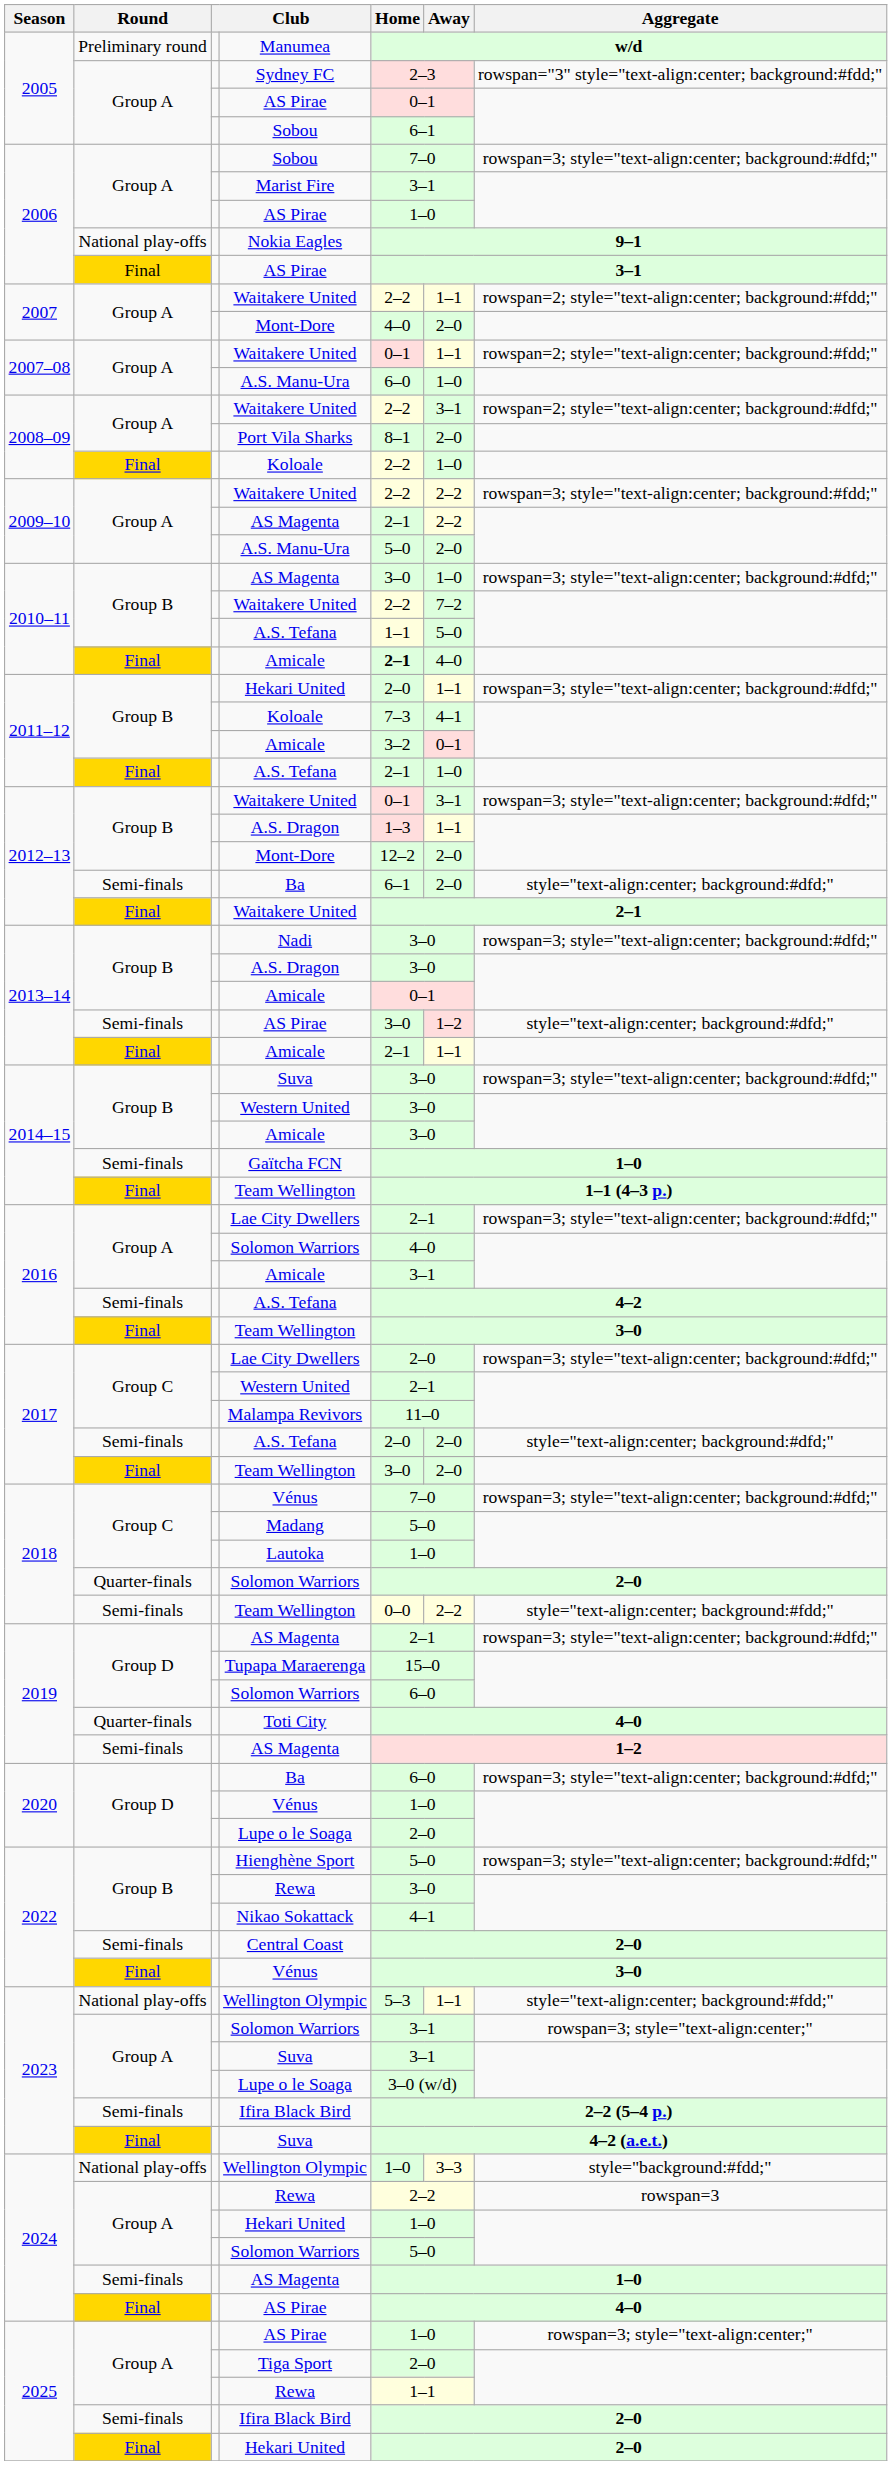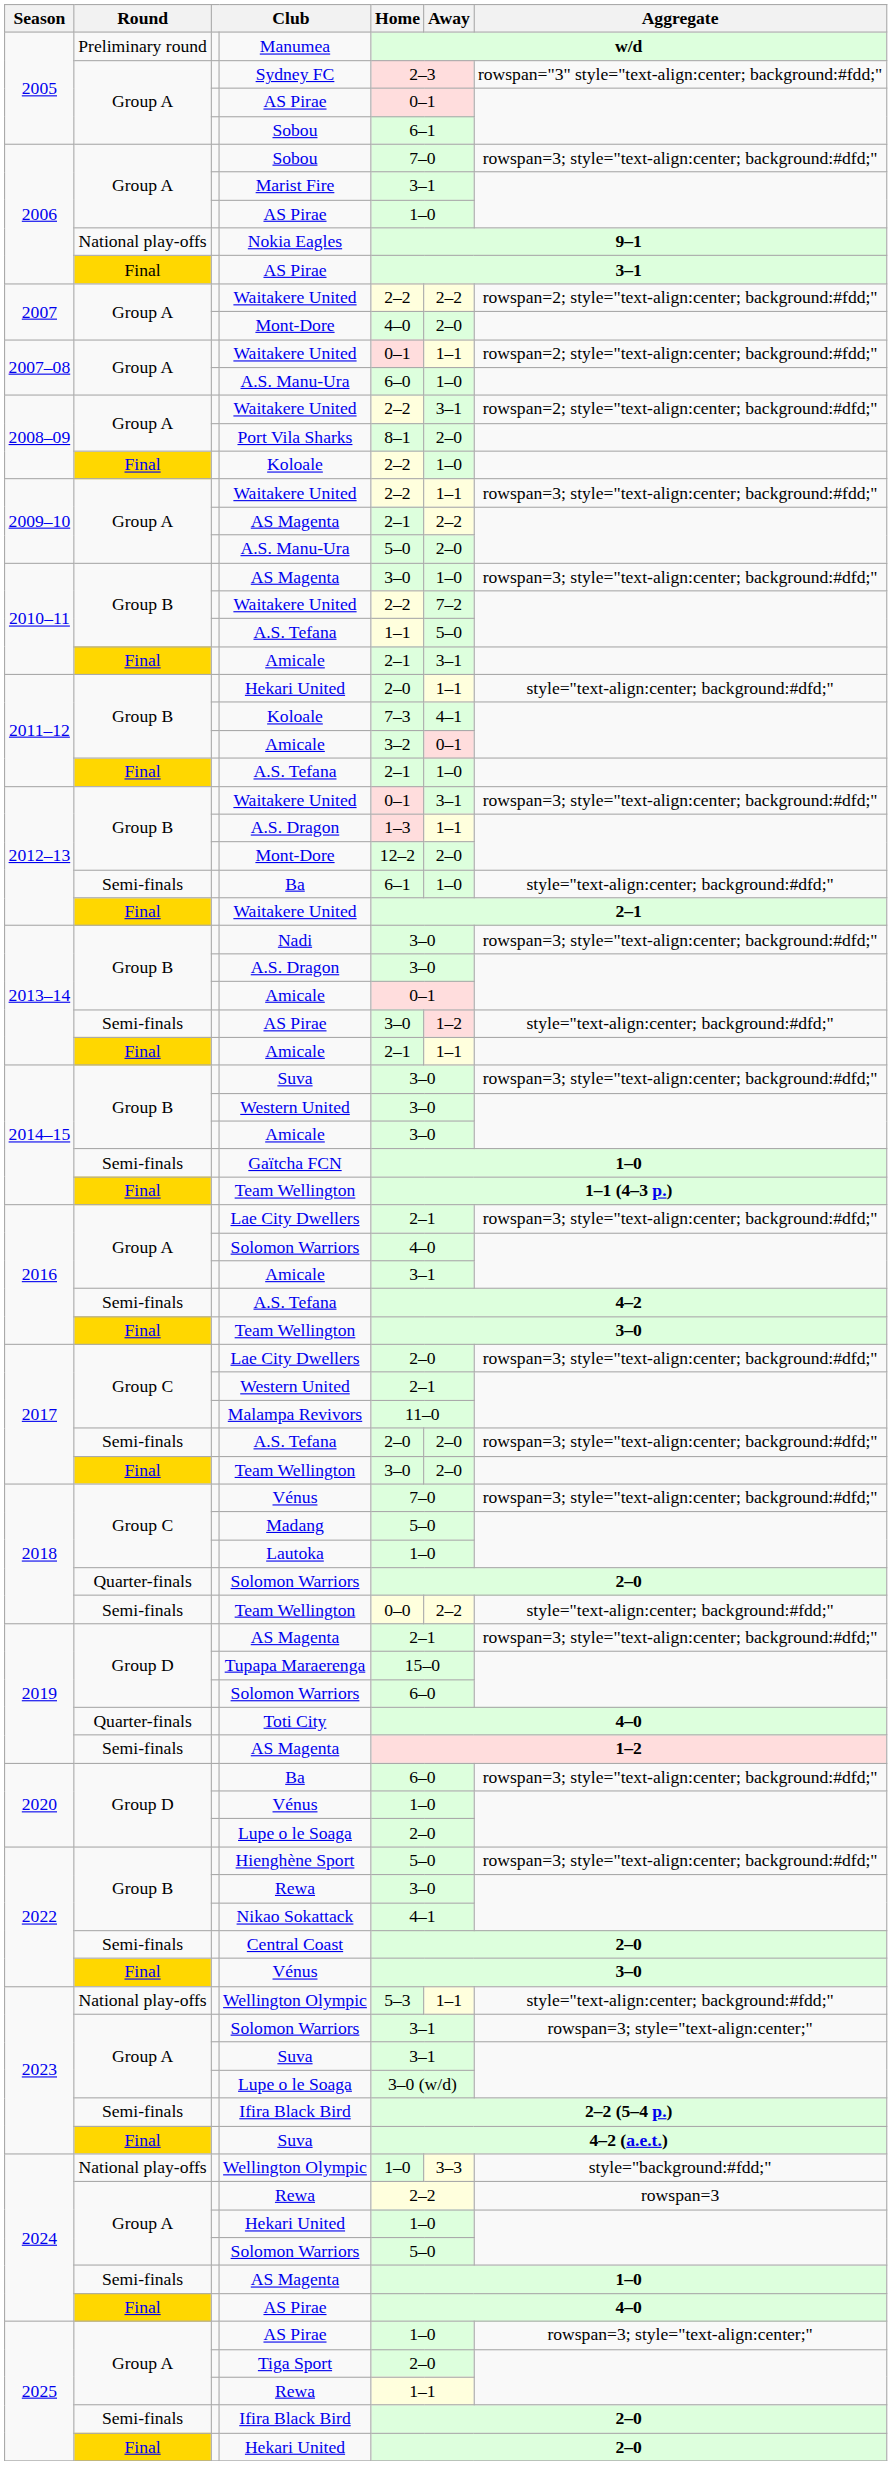 <table class="wikitable" style="text-align:center;">
 <tr>
 <th>Season</th>
 <th>Round</th>
 <th colspan=2>Club</th>
 <th>Home</th>
 <th>Away</th>
 <th>Aggregate</th>
 </tr>
 <tr>
 <td rowspan="4;"><a href='#'>2005</a></td>
 <td rowspan="1">Preliminary round</td>
 <td></td>
 <td><a href='#'>Manumea</a></td>
 <td colspan="3;" style="text-align:center; background:#dfd;"><strong>w/d</strong></td>
 </tr>
 <tr>
 <td rowspan="3">Group A</td>
 <td></td>
 <td><a href='#'>Sydney FC</a></td>
 <td colspan="2;" style="text-align:center; background:#fdd;">2–3</td>
 <td>rowspan="3" style="text-align:center; background:#fdd;" </td>
 </tr>
 <tr>
 <td></td>
 <td><a href='#'>AS Pirae</a></td>
 <td colspan="2;" style="text-align:center; background:#fdd;">0–1</td>
 </tr>
 <tr>
 <td></td>
 <td><a href='#'>Sobou</a></td>
 <td colspan="2;" style="text-align:center; background:#dfd;">6–1</td>
 </tr>
 <tr>
 <td rowspan="5"><a href='#'>2006</a></td>
 <td rowspan="3">Group A</td>
 <td></td>
 <td><a href='#'>Sobou</a></td>
 <td colspan="2;" style="text-align:center; background:#dfd;">7–0</td>
 <td>rowspan=3; style="text-align:center; background:#dfd;" </td>
 </tr>
 <tr>
 <td></td>
 <td><a href='#'>Marist Fire</a></td>
 <td colspan=2; style="text-align:center; background:#dfd;">3–1</td>
 </tr>
 <tr>
 <td></td>
 <td><a href='#'>AS Pirae</a></td>
 <td colspan=2; style="text-align:center; background:#dfd;">1–0</td>
 </tr>
 <tr>
 <td>National play-offs</td>
 <td></td>
 <td><a href='#'>Nokia Eagles</a></td>
 <td colspan=3; style="text-align:center; background:#dfd;"><strong>9–1</strong></td>
 </tr>
 <tr>
 <td style="background:gold">Final</td>
 <td></td>
 <td><a href='#'>AS Pirae</a></td>
 <td colspan=3 style="background:#dfd;"><strong>3–1</strong></td>
 </tr>
 <tr>
 <td rowspan="2;"><a href='#'>2007</a></td>
 <td rowspan="2">Group A</td>
 <td></td>
 <td><a href='#'>Waitakere United</a></td>
 <td style="text-align:center; background:#ffd;">2–2</td>
-<td style="text-align:center; background:#ffd;">1–1</td>
+<td style="text-align:center; background:#ffd;">2–2</td>
 <td>rowspan=2; style="text-align:center; background:#fdd;"  </td>
 </tr>
 <tr>
 <td></td>
 <td><a href='#'>Mont-Dore</a></td>
 <td style="text-align:center; background:#dfd;">4–0</td>
 <td style="text-align:center; background:#dfd;">2–0</td>
 </tr>
 <tr>
 <td rowspan="2"><a href='#'>2007–08</a></td>
 <td rowspan="2">Group A</td>
 <td></td>
 <td><a href='#'>Waitakere United</a></td>
 <td style="text-align:center; background:#fdd;">0–1</td>
 <td style="text-align:center; background:#ffd;">1–1</td>
 <td>rowspan=2; style="text-align:center; background:#fdd;" </td>
 </tr>
 <tr>
 <td></td>
 <td><a href='#'>A.S. Manu-Ura</a></td>
 <td style="text-align:center; background:#dfd;">6–0</td>
 <td style="text-align:center; background:#dfd;">1–0</td>
 </tr>
 <tr>
 <td rowspan="3"><a href='#'>2008–09</a></td>
 <td rowspan="2">Group A</td>
 <td></td>
 <td><a href='#'>Waitakere United</a></td>
 <td style="text-align:center; background:#ffd;">2–2</td>
 <td style="text-align:center; background:#dfd;">3–1</td>
 <td>rowspan=2; style="text-align:center; background:#dfd;" </td>
 </tr>
 <tr>
 <td></td>
 <td><a href='#'>Port Vila Sharks</a></td>
 <td style="text-align:center; background:#dfd;">8–1</td>
 <td style="text-align:center; background:#dfd;">2–0</td>
 </tr>
 <tr>
 <td style="background:gold"><a href='#'>Final</a></td>
 <td></td>
 <td><a href='#'>Koloale</a></td>
 <td style="text-align:center; background:#ffd;">2–2</td>
 <td style="text-align:center; background:#dfd;">1–0</td>
 <td></td>
 </tr>
 <tr>
 <td rowspan="3"><a href='#'>2009–10</a></td>
 <td rowspan="3">Group A</td>
 <td></td>
 <td><a href='#'>Waitakere United</a></td>
 <td style="text-align:center; background:#ffd;">2–2</td>
-<td style="text-align:center; background:#ffd;">2–2</td>
+<td style="text-align:center; background:#ffd;">1–1</td>
 <td>rowspan=3; style="text-align:center; background:#fdd;"  </td>
 </tr>
 <tr>
 <td></td>
 <td><a href='#'>AS Magenta</a></td>
 <td style="text-align:center; background:#dfd;">2–1</td>
 <td style="text-align:center; background:#ffd;">2–2</td>
 </tr>
 <tr>
 <td></td>
 <td><a href='#'>A.S. Manu-Ura</a></td>
 <td style="text-align:center; background:#dfd;">5–0</td>
 <td style="text-align:center; background:#dfd;">2–0</td>
 </tr>
 <tr>
 <td rowspan="4"><a href='#'>2010–11</a></td>
 <td rowspan="3">Group B</td>
 <td></td>
 <td><a href='#'>AS Magenta</a></td>
 <td style="text-align:center; background:#dfd;">3–0</td>
 <td style="text-align:center; background:#dfd;">1–0</td>
 <td>rowspan=3; style="text-align:center; background:#dfd;" </td>
 </tr>
 <tr>
 <td></td>
 <td><a href='#'>Waitakere United</a></td>
 <td style="text-align:center; background:#ffd;">2–2</td>
 <td style="text-align:center; background:#dfd;">7–2</td>
 </tr>
 <tr>
 <td></td>
 <td><a href='#'>A.S. Tefana</a></td>
 <td style="text-align:center; background:#ffd;">1–1</td>
 <td style="text-align:center; background:#dfd;">5–0</td>
 </tr>
 <tr>
 <td style="background:gold"><a href='#'>Final</a></td>
 <td></td>
 <td><a href='#'>Amicale</a></td>
-<td style="text-align:center; background:#dfd;"><strong>2–1</strong></td>
-<td style="text-align:center; background:#dfd;">4–0</td>
+<td style="text-align:center; background:#dfd;">2–1</td>
+<td style="text-align:center; background:#dfd;">3–1</td>
 <td></td>
 </tr>
 <tr>
 <td rowspan="4"><a href='#'>2011–12</a></td>
 <td rowspan="3">Group B</td>
 <td></td>
 <td><a href='#'>Hekari United</a></td>
 <td style="text-align:center; background:#dfd;">2–0</td>
 <td style="text-align:center; background:#ffd;">1–1</td>
-<td>rowspan=3; style="text-align:center; background:#dfd;" </td>
+<td>style="text-align:center; background:#dfd;" </td>
 </tr>
 <tr>
 <td></td>
 <td><a href='#'>Koloale</a></td>
 <td style="text-align:center; background:#dfd;">7–3</td>
 <td style="text-align:center; background:#dfd;">4–1</td>
 </tr>
 <tr>
 <td></td>
 <td><a href='#'>Amicale</a></td>
 <td style="text-align:center; background:#dfd;">3–2</td>
 <td style="text-align:center; background:#fdd;">0–1</td>
 </tr>
 <tr>
 <td style="background:gold"><a href='#'>Final</a></td>
 <td></td>
 <td><a href='#'>A.S. Tefana</a></td>
 <td style="text-align:center; background:#dfd;">2–1</td>
 <td style="text-align:center; background:#dfd;">1–0</td>
 <td></td>
 </tr>
 <tr>
 <td rowspan="5"><a href='#'>2012–13</a></td>
 <td rowspan="3">Group B</td>
 <td></td>
 <td><a href='#'>Waitakere United</a></td>
 <td style="text-align:center; background:#fdd;">0–1</td>
 <td style="text-align:center; background:#dfd;">3–1</td>
 <td>rowspan=3; style="text-align:center; background:#dfd;" </td>
 </tr>
 <tr>
 <td></td>
 <td><a href='#'>A.S. Dragon</a></td>
 <td style="text-align:center; background:#fdd;">1–3</td>
 <td style="text-align:center; background:#ffd;">1–1</td>
 </tr>
 <tr>
 <td></td>
 <td><a href='#'>Mont-Dore</a></td>
 <td style="text-align:center; background:#dfd;">12–2</td>
 <td style="text-align:center; background:#dfd;">2–0</td>
 </tr>
 <tr>
 <td rowspan="1">Semi-finals</td>
 <td></td>
 <td><a href='#'>Ba</a></td>
 <td style="text-align:center; background:#dfd;">6–1</td>
-<td style="text-align:center; background:#dfd;">2–0</td>
+<td style="text-align:center; background:#dfd;">1–0</td>
 <td>style="text-align:center; background:#dfd;" </td>
 </tr>
 <tr>
 <td style="background:gold"><a href='#'>Final</a></td>
 <td></td>
 <td><a href='#'>Waitakere United</a></td>
 <td colspan=3 style="background:#dfd;"><strong>2–1</strong></td>
 </tr>
 <tr>
 <td rowspan="5"><a href='#'>2013–14</a></td>
 <td rowspan="3">Group B</td>
 <td></td>
 <td><a href='#'>Nadi</a></td>
 <td colspan=2; style="text-align:center; background:#dfd;">3–0</td>
 <td>rowspan=3; style="text-align:center; background:#dfd;" </td>
 </tr>
 <tr>
 <td></td>
 <td><a href='#'>A.S. Dragon</a></td>
 <td colspan=2; style="text-align:center; background:#dfd;">3–0</td>
 </tr>
 <tr>
 <td></td>
 <td><a href='#'>Amicale</a></td>
 <td colspan=2; style="text-align:center; background:#fdd;">0–1</td>
 </tr>
 <tr>
 <td rowspan="1">Semi-finals</td>
 <td></td>
 <td><a href='#'>AS Pirae</a></td>
 <td style="text-align:center; background:#dfd;">3–0</td>
 <td style="text-align:center; background:#fdd;">1–2</td>
 <td>style="text-align:center; background:#dfd;" </td>
 </tr>
 <tr>
 <td style="background:gold"><a href='#'>Final</a></td>
 <td></td>
 <td><a href='#'>Amicale</a></td>
 <td style="text-align:center; background:#dfd;">2–1</td>
 <td style="text-align:center; background:#ffd;">1–1</td>
 <td></td>
 </tr>
 <tr>
 <td rowspan="5"><a href='#'>2014–15</a></td>
 <td rowspan="3">Group B</td>
 <td></td>
 <td><a href='#'>Suva</a></td>
 <td colspan=2; style="text-align:center; background:#dfd;">3–0</td>
 <td>rowspan=3; style="text-align:center; background:#dfd;" </td>
 </tr>
 <tr>
 <td></td>
 <td><a href='#'>Western United</a></td>
 <td colspan=2; style="text-align:center; background:#dfd;">3–0</td>
 </tr>
 <tr>
 <td></td>
 <td><a href='#'>Amicale</a></td>
 <td colspan=2; style="text-align:center; background:#dfd;">3–0</td>
 </tr>
 <tr>
 <td rowspan="1">Semi-finals</td>
 <td></td>
 <td><a href='#'>Gaïtcha FCN</a></td>
 <td colspan=3; style="text-align:center; background:#dfd;"><strong>1–0</strong></td>
 </tr>
 <tr>
 <td style="background:gold;"><a href='#'>Final</a></td>
 <td></td>
 <td><a href='#'>Team Wellington</a></td>
 <td colspan=3 style="background:#dfd;"><strong>1–1 (4–3 <a href='#'>p.</a>)</strong></td>
 </tr>
 <tr>
 <td rowspan="5"><a href='#'>2016</a></td>
 <td rowspan="3">Group A</td>
 <td></td>
 <td><a href='#'>Lae City Dwellers</a></td>
 <td colspan=2; style="text-align:center; background:#dfd;">2–1</td>
 <td>rowspan=3; style="text-align:center; background:#dfd;" </td>
 </tr>
 <tr>
 <td></td>
 <td><a href='#'>Solomon Warriors</a></td>
 <td colspan=2; style="text-align:center; background:#dfd;">4–0</td>
 </tr>
 <tr>
 <td></td>
 <td><a href='#'>Amicale</a></td>
 <td colspan=2; style="text-align:center; background:#dfd;">3–1</td>
 </tr>
 <tr>
 <td rowspan="1">Semi-finals</td>
 <td></td>
 <td><a href='#'>A.S. Tefana</a></td>
 <td colspan=3; style="text-align:center; background:#dfd;"><strong>4–2</strong></td>
 </tr>
 <tr>
 <td style="background:gold;"><a href='#'>Final</a></td>
 <td></td>
 <td><a href='#'>Team Wellington</a></td>
 <td colspan=3 style="background:#dfd;"><strong>3–0</strong></td>
 </tr>
 <tr>
 <td rowspan="5"><a href='#'>2017</a></td>
 <td rowspan="3">Group C</td>
 <td></td>
 <td><a href='#'>Lae City Dwellers</a></td>
 <td colspan=2; style="text-align:center; background:#dfd;">2–0</td>
 <td>rowspan=3; style="text-align:center; background:#dfd;" </td>
 </tr>
 <tr>
 <td></td>
 <td><a href='#'>Western United</a></td>
 <td colspan=2; style="text-align:center; background:#dfd;">2–1</td>
 </tr>
 <tr>
 <td></td>
 <td><a href='#'>Malampa Revivors</a></td>
 <td colspan=2; style="text-align:center; background:#dfd;">11–0</td>
 </tr>
 <tr>
 <td>Semi-finals</td>
 <td></td>
 <td><a href='#'>A.S. Tefana</a></td>
 <td style="text-align:center; background:#dfd;">2–0</td>
 <td style="text-align:center; background:#dfd;">2–0</td>
-<td>style="text-align:center; background:#dfd;" </td>
+<td>rowspan=3; style="text-align:center; background:#dfd;" </td>
 </tr>
 <tr>
 <td style="background:gold"><a href='#'>Final</a></td>
 <td></td>
 <td><a href='#'>Team Wellington</a></td>
 <td style="text-align:center; background:#dfd;">3–0</td>
 <td style="text-align:center; background:#dfd;">2–0</td>
 <td></td>
 </tr>
 <tr>
 <td rowspan="5"><a href='#'>2018</a></td>
 <td rowspan="3">Group C</td>
 <td></td>
 <td><a href='#'>Vénus</a></td>
 <td colspan=2; style="text-align:center; background:#dfd;">7–0</td>
 <td>rowspan=3; style="text-align:center; background:#dfd;" </td>
 </tr>
 <tr>
 <td></td>
 <td><a href='#'>Madang</a></td>
 <td colspan=2; style="text-align:center; background:#dfd;">5–0</td>
 </tr>
 <tr>
 <td></td>
 <td><a href='#'>Lautoka</a></td>
 <td colspan=2; style="text-align:center; background:#dfd;">1–0</td>
 </tr>
 <tr>
 <td rowspan="1">Quarter-finals</td>
 <td></td>
 <td><a href='#'>Solomon Warriors</a></td>
 <td colspan=3; style="text-align:center; background:#dfd;"><strong>2–0</strong></td>
 </tr>
 <tr>
 <td rowspan="1">Semi-finals</td>
 <td></td>
 <td><a href='#'>Team Wellington</a></td>
 <td style="text-align:center; background:#ffd;">0–0</td>
 <td style="text-align:center; background:#ffd;">2–2</td>
 <td>style="text-align:center; background:#fdd;" </td>
 </tr>
 <tr>
 <td rowspan="5"><a href='#'>2019</a></td>
 <td rowspan="3">Group D</td>
 <td></td>
 <td><a href='#'>AS Magenta</a></td>
 <td colspan=2; style="text-align:center; background:#dfd;">2–1</td>
 <td>rowspan=3; style="text-align:center; background:#dfd;" </td>
 </tr>
 <tr>
 <td></td>
 <td><a href='#'>Tupapa Maraerenga</a></td>
 <td colspan=2; style="text-align:center; background:#dfd;">15–0</td>
 </tr>
 <tr>
 <td></td>
 <td><a href='#'>Solomon Warriors</a></td>
 <td colspan=2; style="text-align:center; background:#dfd;">6–0</td>
 </tr>
 <tr>
 <td rowspan="1">Quarter-finals</td>
 <td></td>
 <td><a href='#'>Toti City</a></td>
 <td colspan=3; style="text-align:center; background:#dfd;"><strong>4–0</strong></td>
 </tr>
 <tr>
 <td rowspan="1">Semi-finals</td>
 <td></td>
 <td><a href='#'>AS Magenta</a></td>
 <td colspan=3; style="text-align:center; background:#fdd;"><strong>1–2</strong></td>
 </tr>
 <tr>
 <td rowspan="3"><a href='#'>2020</a></td>
 <td rowspan="3">Group D</td>
 <td></td>
 <td><a href='#'>Ba</a></td>
 <td colspan=2; style="text-align:center; background:#dfd;">6–0</td>
 <td>rowspan=3; style="text-align:center; background:#dfd;" </td>
 </tr>
 <tr>
 <td></td>
 <td><a href='#'>Vénus</a></td>
 <td colspan=2; style="text-align:center; background:#dfd;">1–0</td>
 </tr>
 <tr>
 <td></td>
 <td><a href='#'>Lupe o le Soaga</a></td>
 <td colspan=2; style="text-align:center; background:#dfd;">2–0</td>
 </tr>
 <tr>
 <td rowspan="5"><a href='#'>2022</a></td>
 <td rowspan="3">Group B</td>
 <td></td>
 <td><a href='#'>Hienghène Sport</a></td>
 <td colspan=2; style="text-align:center; background:#dfd;">5–0</td>
 <td>rowspan=3; style="text-align:center; background:#dfd;" </td>
 </tr>
 <tr>
 <td></td>
 <td><a href='#'>Rewa</a></td>
 <td colspan=2; style="text-align:center; background:#dfd;">3–0</td>
 </tr>
 <tr>
 <td></td>
 <td><a href='#'>Nikao Sokattack</a></td>
 <td colspan=2; style="text-align:center; background:#dfd;">4–1</td>
 </tr>
 <tr>
 <td>Semi-finals</td>
 <td></td>
 <td><a href='#'>Central Coast</a></td>
 <td colspan=3; style="text-align:center; background:#dfd;"><strong>2–0</strong></td>
 </tr>
 <tr>
 <td style="background:gold;"><a href='#'>Final</a></td>
 <td></td>
 <td><a href='#'>Vénus</a></td>
 <td colspan=3 style="background:#dfd;"><strong>3–0</strong></td>
 </tr>
 <tr>
 <td rowspan="6"><a href='#'>2023</a></td>
 <td>National play-offs</td>
 <td></td>
 <td><a href='#'>Wellington Olympic</a></td>
 <td style="text-align:center; background:#dfd;">5–3</td>
 <td style="text-align:center; background:#ffd;">1–1</td>
 <td>style="text-align:center; background:#fdd;" </td>
 </tr>
 <tr>
 <td rowspan="3">Group A</td>
 <td></td>
 <td><a href='#'>Solomon Warriors</a></td>
 <td colspan=2; style="text-align:center; background:#dfd;">3–1</td>
 <td>rowspan=3; style="text-align:center;" </td>
 </tr>
 <tr>
 <td></td>
 <td><a href='#'>Suva</a></td>
 <td colspan=2; style="text-align:center; background:#dfd;">3–1</td>
 </tr>
 <tr>
 <td></td>
 <td><a href='#'>Lupe o le Soaga</a></td>
 <td colspan=2; style="text-align:center; background:#dfd;">3–0 (w/d)</td>
 </tr>
 <tr>
 <td>Semi-finals</td>
 <td></td>
 <td><a href='#'>Ifira Black Bird</a></td>
 <td colspan=3; style="background:#dfd;"><strong>2–2 (5–4 <a href='#'>p.</a>)</strong></td>
 </tr>
 <tr>
 <td style="background:gold;"><a href='#'>Final</a></td>
 <td></td>
 <td><a href='#'>Suva</a></td>
 <td colspan=3 style="background:#dfd;"><strong>4–2 (<a href='#'>a.e.t.</a>)</strong></td>
 </tr>
 <tr>
 <td rowspan="6"><a href='#'>2024</a></td>
 <td>National play-offs</td>
 <td></td>
 <td><a href='#'>Wellington Olympic</a></td>
 <td style="background:#dfd;">1–0</td>
 <td style="background:#ffd;">3–3</td>
 <td>style="background:#fdd;" </td>
 </tr>
 <tr>
 <td rowspan="3">Group A</td>
 <td></td>
 <td><a href='#'>Rewa</a></td>
 <td style="background:#ffd;" colspan=2>2–2</td>
 <td>rowspan=3 </td>
 </tr>
 <tr>
 <td></td>
 <td><a href='#'>Hekari United</a></td>
 <td style="background:#dfd;" colspan=2>1–0</td>
 </tr>
 <tr>
 <td></td>
 <td><a href='#'>Solomon Warriors</a></td>
 <td style="background:#dfd;" colspan=2>5–0</td>
 </tr>
 <tr>
 <td>Semi-finals</td>
 <td></td>
 <td><a href='#'>AS Magenta</a></td>
 <td colspan=3; style="text-align:center; background:#dfd;"><strong>1–0</strong></td>
 </tr>
 <tr>
 <td style="background:gold;"><a href='#'>Final</a></td>
 <td></td>
 <td><a href='#'>AS Pirae</a></td>
 <td colspan=3; style="text-align:center; background:#dfd;"><strong>4–0</strong></td>
 </tr>
 <tr>
 <td rowspan="5"><a href='#'>2025</a></td>
 <td rowspan="3">Group A</td>
 <td></td>
 <td><a href='#'>AS Pirae</a></td>
 <td colspan=2; style="background:#dfd;">1–0</td>
 <td>rowspan=3; style="text-align:center;" </td>
 </tr>
 <tr>
 <td></td>
 <td><a href='#'>Tiga Sport</a></td>
 <td colspan=2; style="background:#dfd;">2–0</td>
 </tr>
 <tr>
 <td></td>
 <td><a href='#'>Rewa</a></td>
 <td colspan=2; style="background:#ffd;">1–1</td>
 </tr>
 <tr>
 <td>Semi-finals</td>
 <td></td>
 <td><a href='#'>Ifira Black Bird</a></td>
 <td colspan=3; style="background:#dfd;"><strong>2–0</strong></td>
 </tr>
 <tr>
 <td style="background:gold;"><a href='#'>Final</a></td>
 <td></td>
 <td><a href='#'>Hekari United</a></td>
 <td colspan=3; style="text-align:center; background:#dfd;"><strong>2–0</strong></td>
 </tr>
 </table>
